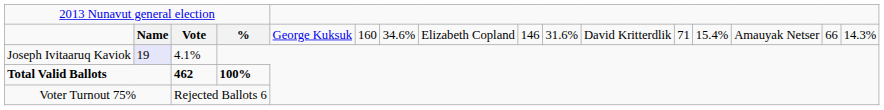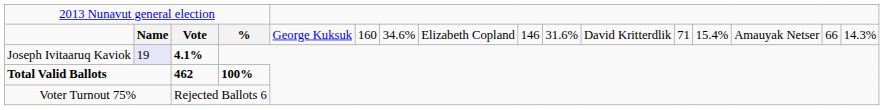 <table class="wikitable">
 <tr>
 <td colspan=4 align=center><a href='#'>2013 Nunavut general election</a></td>
 </tr>
 <tr>
 <td></td>
 <th><strong>Name </strong></th>
 <th><strong>Vote</strong></th>
 <th><strong>%</strong><br></th>
 <td><a href='#'>George Kuksuk</a></td>
 <td>160</td>
 <td>34.6%<br></td>
 <td>Elizabeth Copland</td>
 <td>146</td>
 <td>31.6%<br></td>
 <td>David Kritterdlik</td>
 <td>71</td>
 <td>15.4%<br></td>
 <td>Amauyak Netser</td>
 <td>66</td>
 <td>14.3%</td>
 </tr>
 <tr>
 <td>Joseph Ivitaaruq Kaviok</td>
 <td style="background: lavender;">19</td>
-<td>4.1%</td>
+<td><strong>4.1%</strong></td>
 </tr>
 <tr>
 <td colspan=2><strong>Total Valid Ballots</strong></td>
 <td><strong>462</strong></td>
 <td><strong>100%</strong></td>
 </tr>
 <tr>
 <td colspan=2 align=center>Voter Turnout 75%</td>
 <td colspan=2 align=center>Rejected Ballots 6</td>
 </tr>
 </table>
